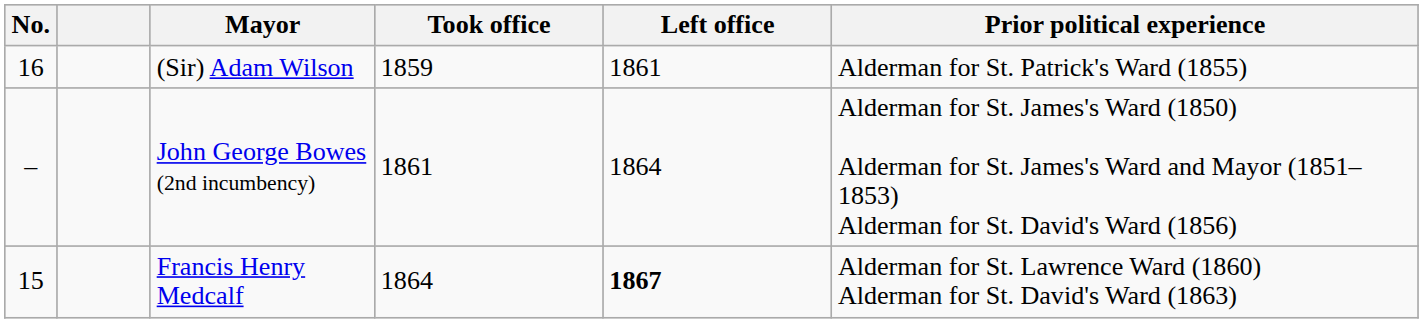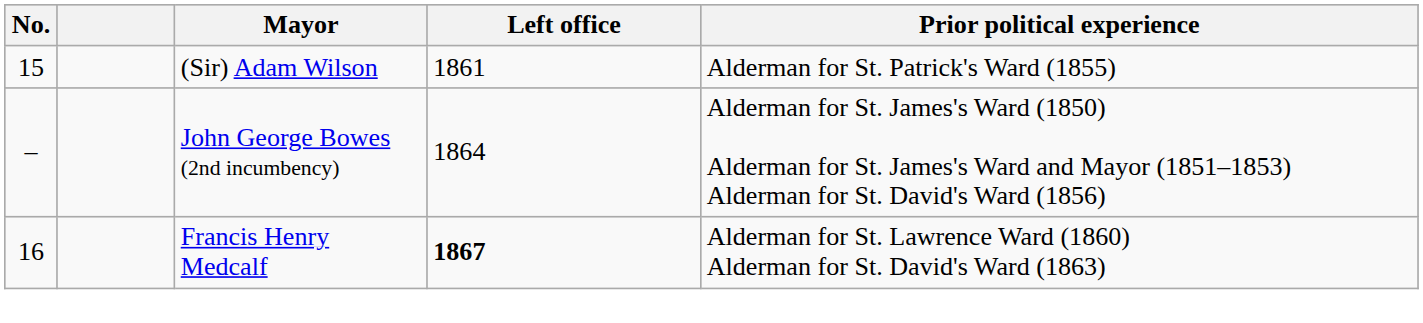 <table class="sortable wikitable" style="text-align:left; font-size:100%;">
 <tr valign=bottom>
 <th width="25px">No.</th>
 <th width="75px"></th>
 <th width="160px">Mayor</th>
-<th width="180px">Took office</th>
 <th width="180px">Left office</th>
 <th width="490px">Prior political experience</th>
 </tr>
 <tr>
-<td align="center">16</td>
+<td align="center">15</td>
 <td></td>
 <td>(Sir) <a href='#'>Adam Wilson</a></td>
-<td>1859</td>
 <td>1861</td>
 <td>Alderman for St. Patrick's Ward (1855)</td>
 </tr>
 <tr>
 <td align="center">–</td>
 <td></td>
 <td><a href='#'>John George Bowes</a><br><small>(2nd incumbency)</small></td>
-<td>1861</td>
 <td>1864</td>
 <td>Alderman for St. James's Ward (1850)<br><br>Alderman for St. James's Ward and Mayor (1851–1853)<br> Alderman for St. David's Ward (1856)</td>
 </tr>
 <tr>
-<td align="center">15</td>
+<td align="center">16</td>
 <td></td>
 <td><a href='#'>Francis Henry Medcalf</a></td>
-<td>1864</td>
 <td><strong>1867</strong></td>
 <td>Alderman for St. Lawrence Ward (1860)<br>Alderman for St. David's Ward (1863)</td>
 </tr>
 </table>
